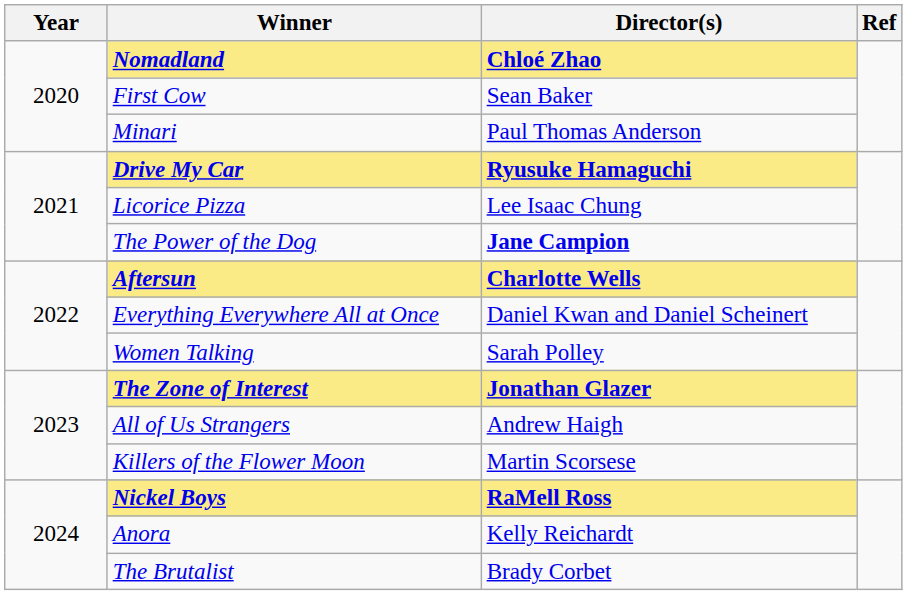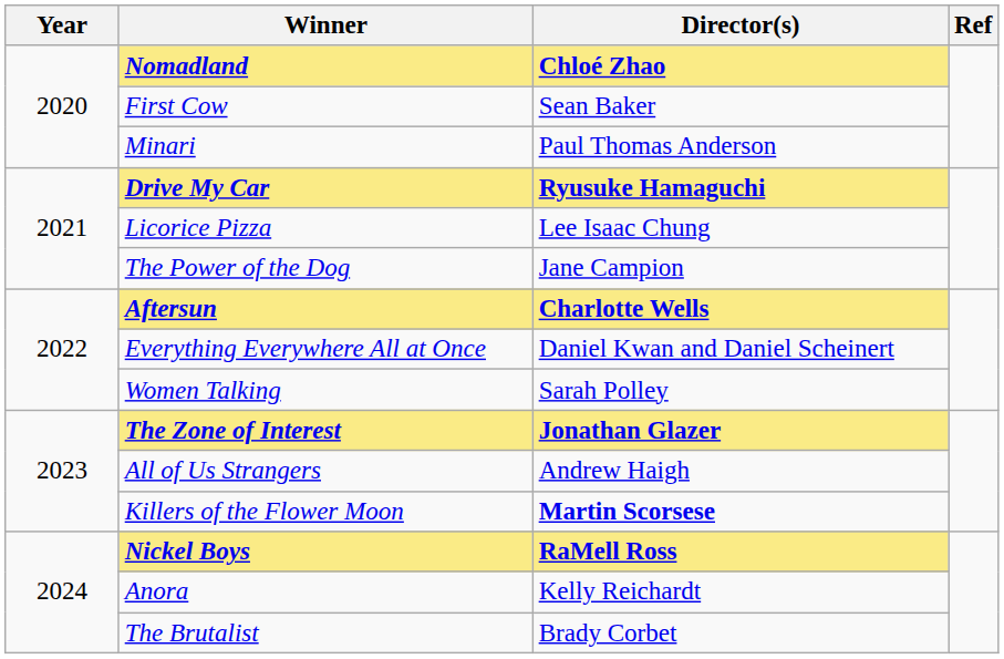 <table class="wikitable" width="100%" cellpadding="5">
 <tr>
 <th width="100"><strong>Year</strong></th>
 <th width="450"><strong>Winner</strong></th>
 <th width="450"><strong>Director(s)</strong></th>
 <th width="15"><strong>Ref</strong></th>
 </tr>
 <tr>
 <td rowspan="3" style="text-align:center;">2020</td>
 <td style="background:#FAEB86;"><strong><em><a href='#'>Nomadland</a></em></strong></td>
 <td style="background:#FAEB86;"><strong><a href='#'>Chloé Zhao</a></strong></td>
 <td rowspan=3></td>
 </tr>
 <tr>
 <td><em><a href='#'>First Cow</a></em></td>
 <td><a href='#'>Sean Baker</a></td>
 </tr>
 <tr>
 <td><em><a href='#'>Minari</a></em></td>
 <td><a href='#'>Paul Thomas Anderson</a></td>
 </tr>
 <tr>
 <td rowspan="3" style="text-align:center;">2021</td>
 <td style="background:#FAEB86;"><strong><em><a href='#'>Drive My Car</a></em></strong></td>
 <td style="background:#FAEB86;"><strong><a href='#'>Ryusuke Hamaguchi</a></strong></td>
 <td rowspan=3></td>
 </tr>
 <tr>
 <td><em><a href='#'>Licorice Pizza</a></em></td>
 <td><a href='#'>Lee Isaac Chung</a></td>
 </tr>
 <tr>
 <td><em><a href='#'>The Power of the Dog</a></em></td>
-<td><strong><a href='#'>Jane Campion</a></strong></td>
+<td><a href='#'>Jane Campion</a></td>
 </tr>
 <tr>
 <td rowspan="3" style="text-align:center;">2022</td>
 <td style="background:#FAEB86;"><strong><em><a href='#'>Aftersun</a></em></strong></td>
 <td style="background:#FAEB86;"><strong><a href='#'>Charlotte Wells</a></strong></td>
 <td rowspan=3></td>
 </tr>
 <tr>
 <td><em><a href='#'>Everything Everywhere All at Once</a></em></td>
 <td><a href='#'>Daniel Kwan and Daniel Scheinert</a></td>
 </tr>
 <tr>
 <td><em><a href='#'>Women Talking</a></em></td>
 <td><a href='#'>Sarah Polley</a></td>
 </tr>
 <tr>
 <td rowspan="3" style="text-align:center;">2023</td>
 <td style="background:#FAEB86;"><strong><em><a href='#'>The Zone of Interest</a></em></strong></td>
 <td style="background:#FAEB86;"><strong><a href='#'>Jonathan Glazer</a></strong></td>
 <td rowspan=3></td>
 </tr>
 <tr>
 <td><em><a href='#'>All of Us Strangers</a></em></td>
 <td><a href='#'>Andrew Haigh</a></td>
 </tr>
 <tr>
 <td><em><a href='#'>Killers of the Flower Moon</a></em></td>
-<td><a href='#'>Martin Scorsese</a></td>
+<td><strong><a href='#'>Martin Scorsese</a></strong></td>
 </tr>
 <tr>
 <td rowspan="3" style="text-align:center;">2024</td>
 <td style="background:#FAEB86;"><strong><em><a href='#'>Nickel Boys</a></em></strong></td>
 <td style="background:#FAEB86;"><strong><a href='#'>RaMell Ross</a></strong></td>
 <td rowspan=3></td>
 </tr>
 <tr>
 <td><em><a href='#'>Anora</a></em></td>
 <td><a href='#'>Kelly Reichardt</a></td>
 </tr>
 <tr>
 <td><em><a href='#'>The Brutalist</a></em></td>
 <td><a href='#'>Brady Corbet</a></td>
 </tr>
 </table>
